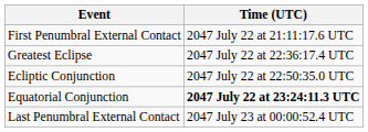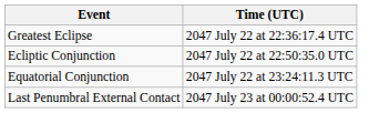 <table class="wikitable">
 <tr>
 <th>Event</th>
 <th>Time (UTC)</th>
-</tr>
-<tr>
-<td>First Penumbral External Contact</td>
-<td>2047 July 22 at 21:11:17.6 UTC</td>
 </tr>
 <tr>
 <td>Greatest Eclipse</td>
 <td>2047 July 22 at 22:36:17.4 UTC</td>
 </tr>
 <tr>
 <td>Ecliptic Conjunction</td>
 <td>2047 July 22 at 22:50:35.0 UTC</td>
 </tr>
 <tr>
 <td>Equatorial Conjunction</td>
-<td><strong>2047 July 22 at 23:24:11.3 UTC</strong></td>
+<td>2047 July 22 at 23:24:11.3 UTC</td>
 </tr>
 <tr>
 <td>Last Penumbral External Contact</td>
 <td>2047 July 23 at 00:00:52.4 UTC</td>
 </tr>
 </table>
